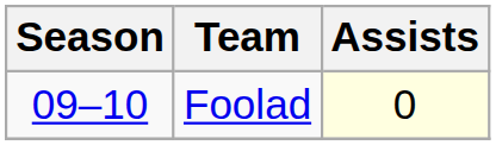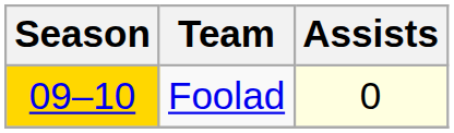 <table class="wikitable" style="text-align: center;">
 <tr>
 <th>Season</th>
 <th>Team</th>
 <th>Assists</th>
 </tr>
 <tr>
-<td><a href='#'>09–10</a></td>
+<td style="background: gold;"><a href='#'>09–10</a></td>
 <td align="left"><a href='#'>Foolad</a></td>
 <td style="background: lightyellow;">0</td>
 </tr>
 <tr>
 </tr>
 </table>
